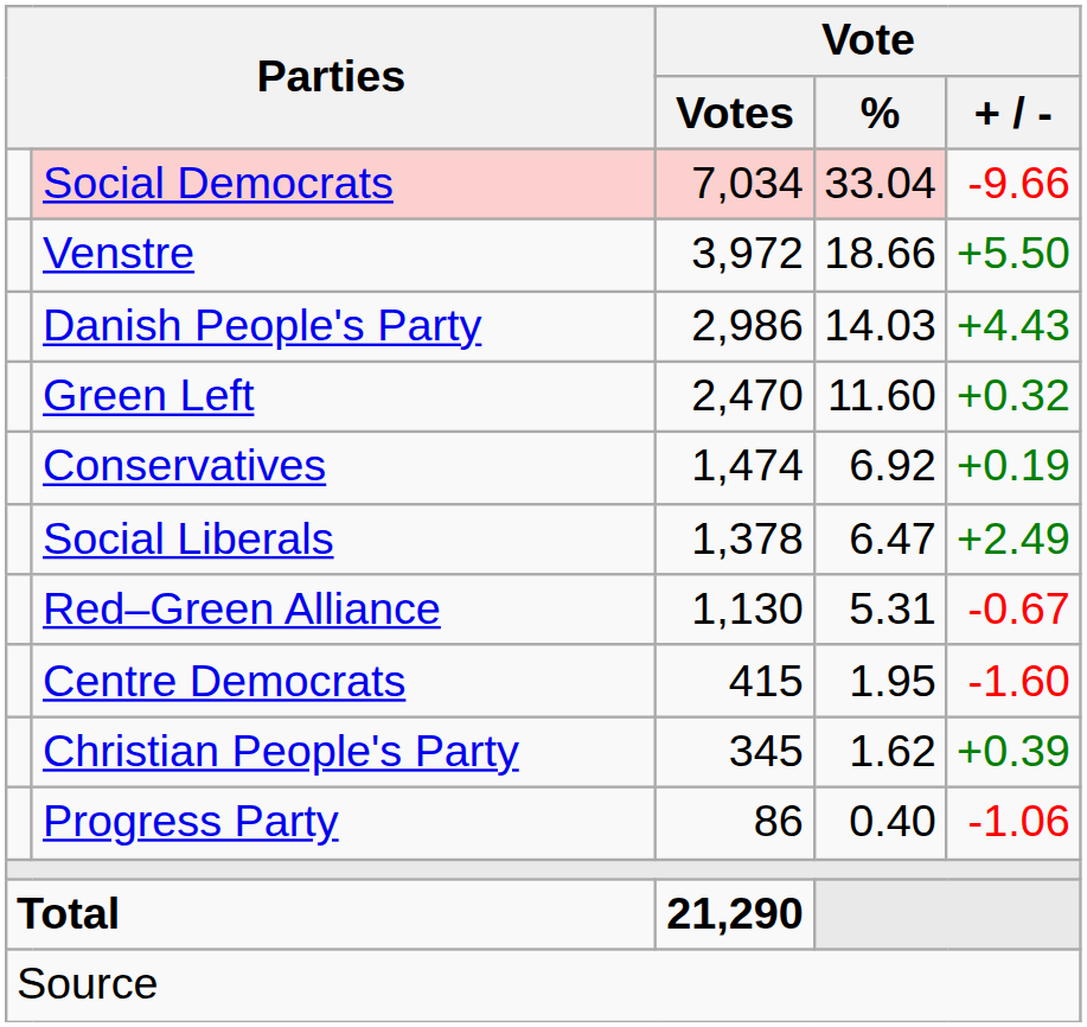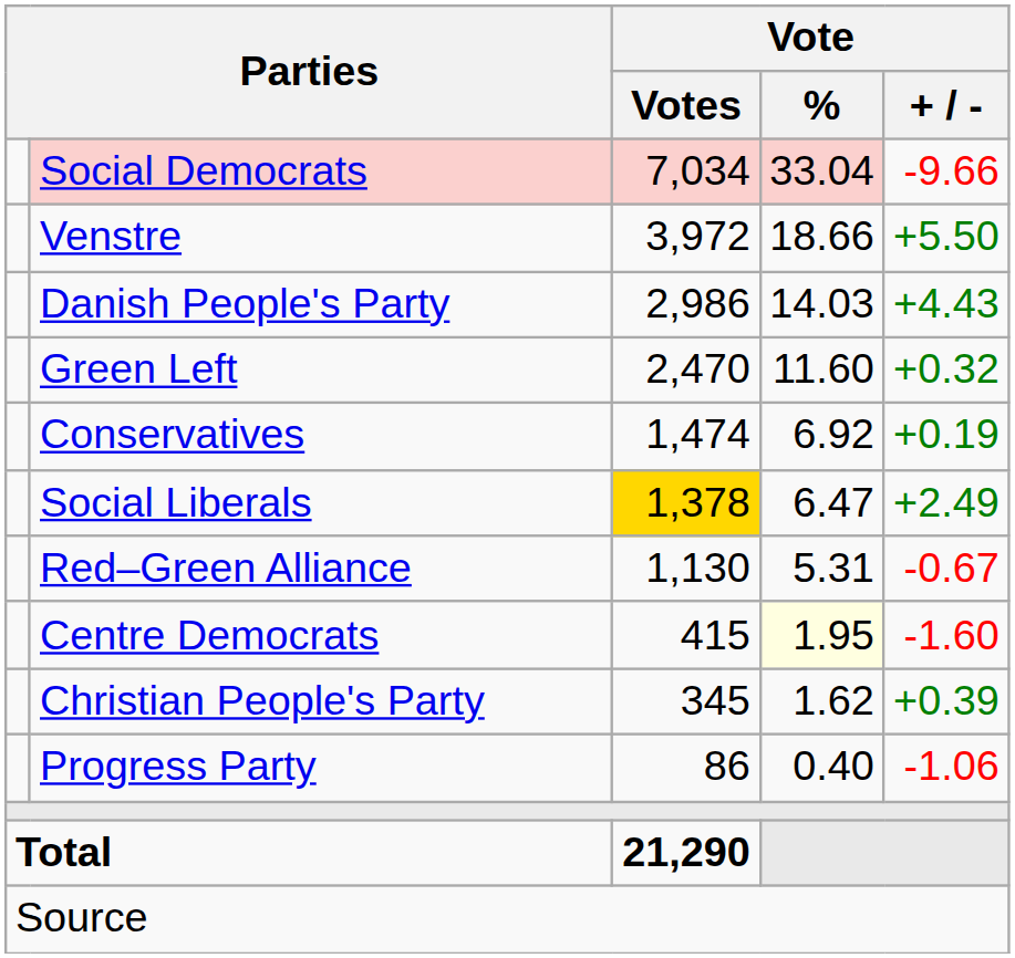 <table class="wikitable" style="text-align:right;">
 <tr>
 <th style="text-align:centre;" rowspan="2" colspan="2" width="225">Parties</th>
 <th colspan="3">Vote</th>
 </tr>
 <tr>
 <th width="15">Votes</th>
 <th width="15">%</th>
 <th width="15">+ / -</th>
 </tr>
 <tr>
 <td width="2" style="color:inherit;background:"></td>
 <td bgcolor=#fbd0ce  align="left"><a href='#'>Social Democrats</a></td>
 <td bgcolor=#fbd0ce>7,034</td>
 <td bgcolor=#fbd0ce>33.04</td>
 <td style=color:red;>-9.66</td>
 </tr>
 <tr>
 <td width="2" style="color:inherit;background:"></td>
 <td align="left"><a href='#'>Venstre</a></td>
 <td>3,972</td>
 <td>18.66</td>
 <td style=color:green;>+5.50</td>
 </tr>
 <tr>
 <td width="2" style="color:inherit;background:"></td>
 <td align="left"><a href='#'>Danish People's Party</a></td>
 <td>2,986</td>
 <td>14.03</td>
 <td style=color:green;>+4.43</td>
 </tr>
 <tr>
 <td width="2" style="color:inherit;background:"></td>
 <td align="left"><a href='#'>Green Left</a></td>
 <td>2,470</td>
 <td>11.60</td>
 <td style=color:green;>+0.32</td>
 </tr>
 <tr>
 <td width="2" style="color:inherit;background:"></td>
 <td align="left"><a href='#'>Conservatives</a></td>
 <td>1,474</td>
 <td>6.92</td>
 <td style=color:green;>+0.19</td>
 </tr>
 <tr>
 <td width="2" style="color:inherit;background:"></td>
 <td align="left"><a href='#'>Social Liberals</a></td>
-<td>1,378</td>
+<td style="background: gold;">1,378</td>
 <td>6.47</td>
 <td style=color:green;>+2.49</td>
 </tr>
 <tr>
 <td width="2" style="color:inherit;background:"></td>
 <td align="left"><a href='#'>Red–Green Alliance</a></td>
 <td>1,130</td>
 <td>5.31</td>
 <td style=color:red;>-0.67</td>
 </tr>
 <tr>
 <td width="2" style="color:inherit;background:"></td>
 <td align="left"><a href='#'>Centre Democrats</a></td>
 <td>415</td>
-<td>1.95</td>
+<td style="background: lightyellow;">1.95</td>
 <td style=color:red;>-1.60</td>
 </tr>
 <tr>
 <td width="2" style="color:inherit;background:"></td>
 <td align="left"><a href='#'>Christian People's Party</a></td>
 <td>345</td>
 <td>1.62</td>
 <td style=color:green;>+0.39</td>
 </tr>
 <tr>
 <td width="2" style="color:inherit;background:"></td>
 <td align="left"><a href='#'>Progress Party</a></td>
 <td>86</td>
 <td>0.40</td>
 <td style=color:red;>-1.06</td>
 </tr>
 <tr>
 <td colspan="7" bgcolor="#E9E9E9"></td>
 </tr>
 <tr>
 <td align="left" colspan="2"><strong>Total</strong></td>
 <td><strong>21,290</strong></td>
 <td bgcolor="#E9E9E9" colspan="2"></td>
 </tr>
 <tr>
 <td align="left" colspan="6">Source</td>
 </tr>
 </table>
